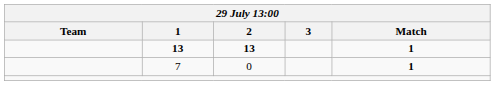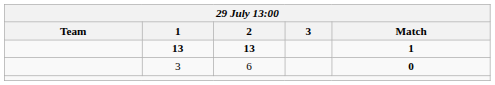 <table class=wikitable style="text-align:center; width: 55%">
 <tr>
 <th colspan=10><em>29 July 13:00</em></th>
 </tr>
 <tr>
 <th>Team</th>
 <th>1</th>
 <th>2</th>
 <th>3</th>
 <th>Match</th>
 </tr>
 <tr>
 <td align=left><strong><br></strong></td>
 <td><strong>13</strong></td>
 <td><strong>13</strong></td>
 <td></td>
 <td><strong>1</strong></td>
 </tr>
 <tr>
 <td align=left><br></td>
-<td>7</td>
-<td>0</td>
+<td>3</td>
+<td>6</td>
 <td></td>
-<td><strong>1</strong></td>
+<td><strong>0</strong></td>
 </tr>
 <tr>
 <td colspan=10></td>
 </tr>
 </table>
